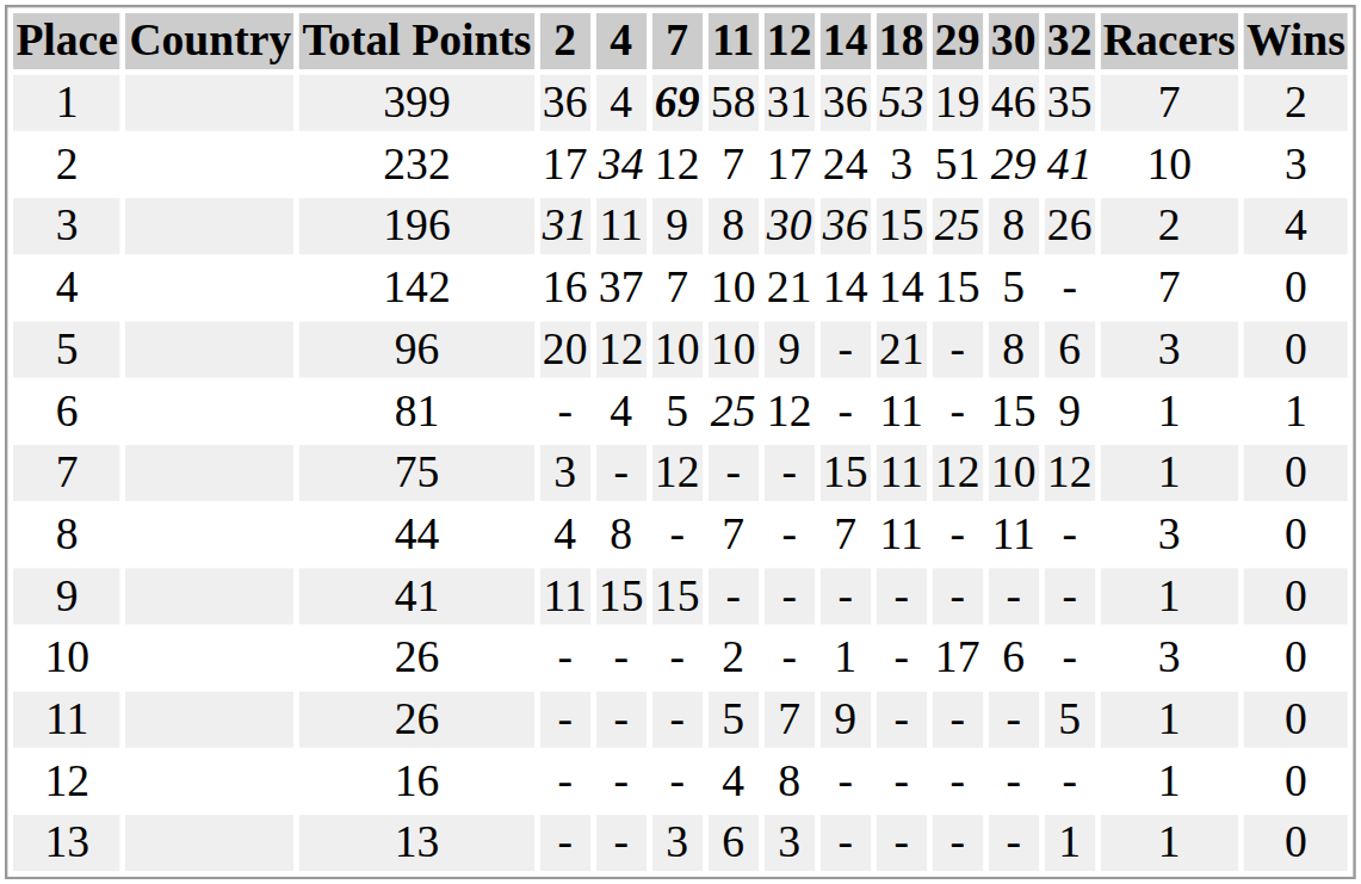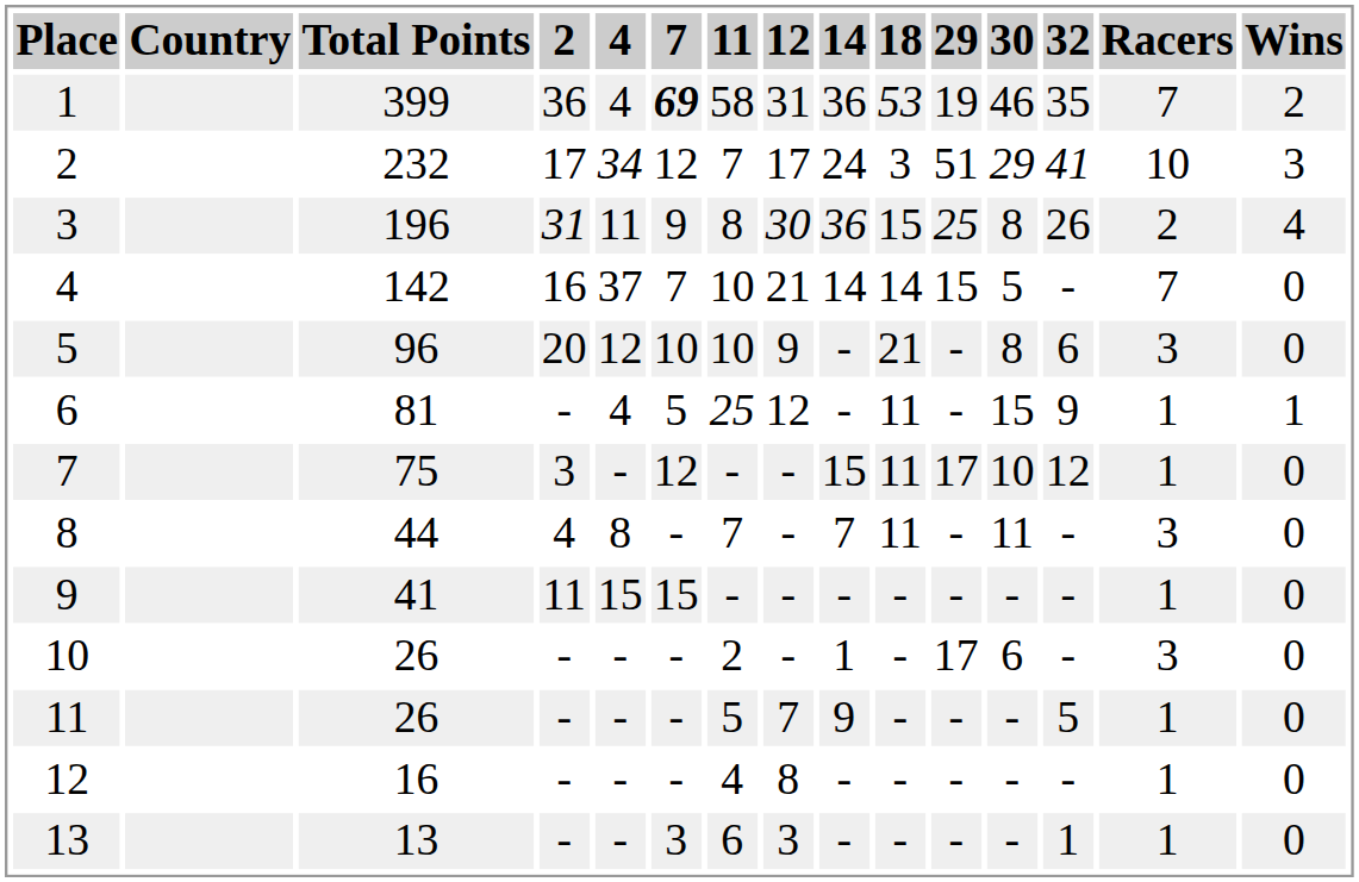 <table border="0" style="border: 1px solid #999; background-color:#FFFFFF; text-align:center">
 <tr align="center" bgcolor="#CCCCCC">
 <th>Place</th>
 <th>Country</th>
 <th>Total Points</th>
 <th>2</th>
 <th>4</th>
 <th>7</th>
 <th>11</th>
 <th>12</th>
 <th>14</th>
 <th>18</th>
 <th>29</th>
 <th>30</th>
 <th>32</th>
 <th>Racers</th>
 <th>Wins</th>
 </tr>
 <tr bgcolor="#EFEFEF">
 <td>1</td>
 <td align="left"></td>
 <td>399</td>
 <td>36</td>
 <td>4</td>
 <td><strong><em>69</em></strong></td>
 <td>58</td>
 <td>31</td>
 <td>36</td>
 <td><em>53</em></td>
 <td>19</td>
 <td>46</td>
 <td>35</td>
 <td>7</td>
 <td>2</td>
 </tr>
 <tr>
 <td>2</td>
 <td align="left"></td>
 <td>232</td>
 <td>17</td>
 <td><em>34</em></td>
 <td>12</td>
 <td>7</td>
 <td>17</td>
 <td>24</td>
 <td>3</td>
 <td>51</td>
 <td><em>29</em></td>
 <td><em>41</em></td>
 <td>10</td>
 <td>3</td>
 </tr>
 <tr bgcolor="#EFEFEF">
 <td>3</td>
 <td align="left"></td>
 <td>196</td>
 <td><em>31</em></td>
 <td>11</td>
 <td>9</td>
 <td>8</td>
 <td><em>30</em></td>
 <td><em>36</em></td>
 <td>15</td>
 <td><em>25</em></td>
 <td>8</td>
 <td>26</td>
 <td>2</td>
 <td>4</td>
 </tr>
 <tr>
 <td>4</td>
 <td align="left"></td>
 <td>142</td>
 <td>16</td>
 <td>37</td>
 <td>7</td>
 <td>10</td>
 <td>21</td>
 <td>14</td>
 <td>14</td>
 <td>15</td>
 <td>5</td>
 <td>-</td>
 <td>7</td>
 <td>0</td>
 </tr>
 <tr bgcolor="#EFEFEF">
 <td>5</td>
 <td align="left"></td>
 <td>96</td>
 <td>20</td>
 <td>12</td>
 <td>10</td>
 <td>10</td>
 <td>9</td>
 <td>-</td>
 <td>21</td>
 <td>-</td>
 <td>8</td>
 <td>6</td>
 <td>3</td>
 <td>0</td>
 </tr>
 <tr>
 <td>6</td>
 <td align="left"></td>
 <td>81</td>
 <td>-</td>
 <td>4</td>
 <td>5</td>
 <td><em>25</em></td>
 <td>12</td>
 <td>-</td>
 <td>11</td>
 <td>-</td>
 <td>15</td>
 <td>9</td>
 <td>1</td>
 <td>1</td>
 </tr>
 <tr bgcolor="#EFEFEF">
 <td>7</td>
 <td align="left"></td>
 <td>75</td>
 <td>3</td>
 <td>-</td>
 <td>12</td>
 <td>-</td>
 <td>-</td>
 <td>15</td>
 <td>11</td>
-<td>12</td>
+<td>17</td>
 <td>10</td>
 <td>12</td>
 <td>1</td>
 <td>0</td>
 </tr>
 <tr>
 <td>8</td>
 <td align="left"></td>
 <td>44</td>
 <td>4</td>
 <td>8</td>
 <td>-</td>
 <td>7</td>
 <td>-</td>
 <td>7</td>
 <td>11</td>
 <td>-</td>
 <td>11</td>
 <td>-</td>
 <td>3</td>
 <td>0</td>
 </tr>
 <tr bgcolor="#EFEFEF">
 <td>9</td>
 <td align="left"></td>
 <td>41</td>
 <td>11</td>
 <td>15</td>
 <td>15</td>
 <td>-</td>
 <td>-</td>
 <td>-</td>
 <td>-</td>
 <td>-</td>
 <td>-</td>
 <td>-</td>
 <td>1</td>
 <td>0</td>
 </tr>
 <tr>
 <td>10</td>
 <td align="left"></td>
 <td>26</td>
 <td>-</td>
 <td>-</td>
 <td>-</td>
 <td>2</td>
 <td>-</td>
 <td>1</td>
 <td>-</td>
 <td>17</td>
 <td>6</td>
 <td>-</td>
 <td>3</td>
 <td>0</td>
 </tr>
 <tr bgcolor="#EFEFEF">
 <td>11</td>
 <td align="left"></td>
 <td>26</td>
 <td>-</td>
 <td>-</td>
 <td>-</td>
 <td>5</td>
 <td>7</td>
 <td>9</td>
 <td>-</td>
 <td>-</td>
 <td>-</td>
 <td>5</td>
 <td>1</td>
 <td>0</td>
 </tr>
 <tr>
 <td>12</td>
 <td align="left"></td>
 <td>16</td>
 <td>-</td>
 <td>-</td>
 <td>-</td>
 <td>4</td>
 <td>8</td>
 <td>-</td>
 <td>-</td>
 <td>-</td>
 <td>-</td>
 <td>-</td>
 <td>1</td>
 <td>0</td>
 </tr>
 <tr bgcolor="#EFEFEF">
 <td>13</td>
 <td align="left"></td>
 <td>13</td>
 <td>-</td>
 <td>-</td>
 <td>3</td>
 <td>6</td>
 <td>3</td>
 <td>-</td>
 <td>-</td>
 <td>-</td>
 <td>-</td>
 <td>1</td>
 <td>1</td>
 <td>0</td>
 </tr>
 </table>
